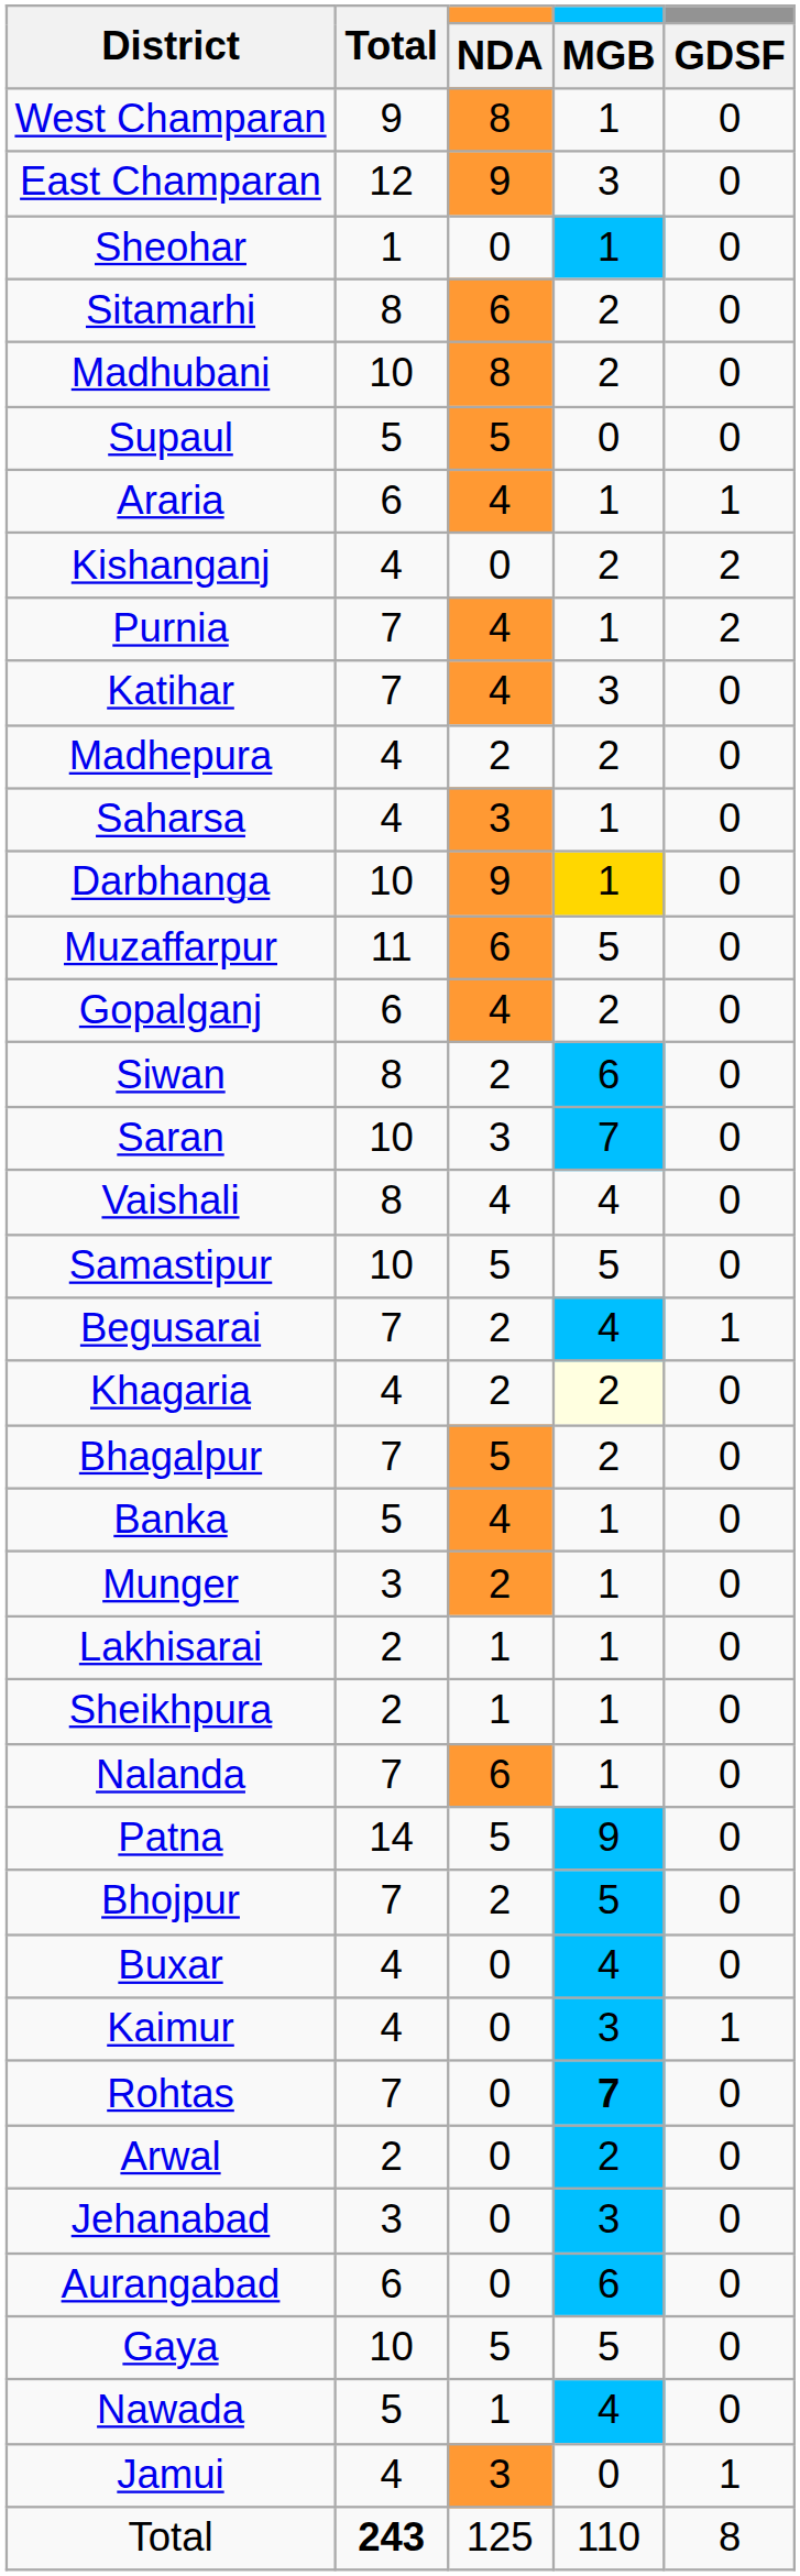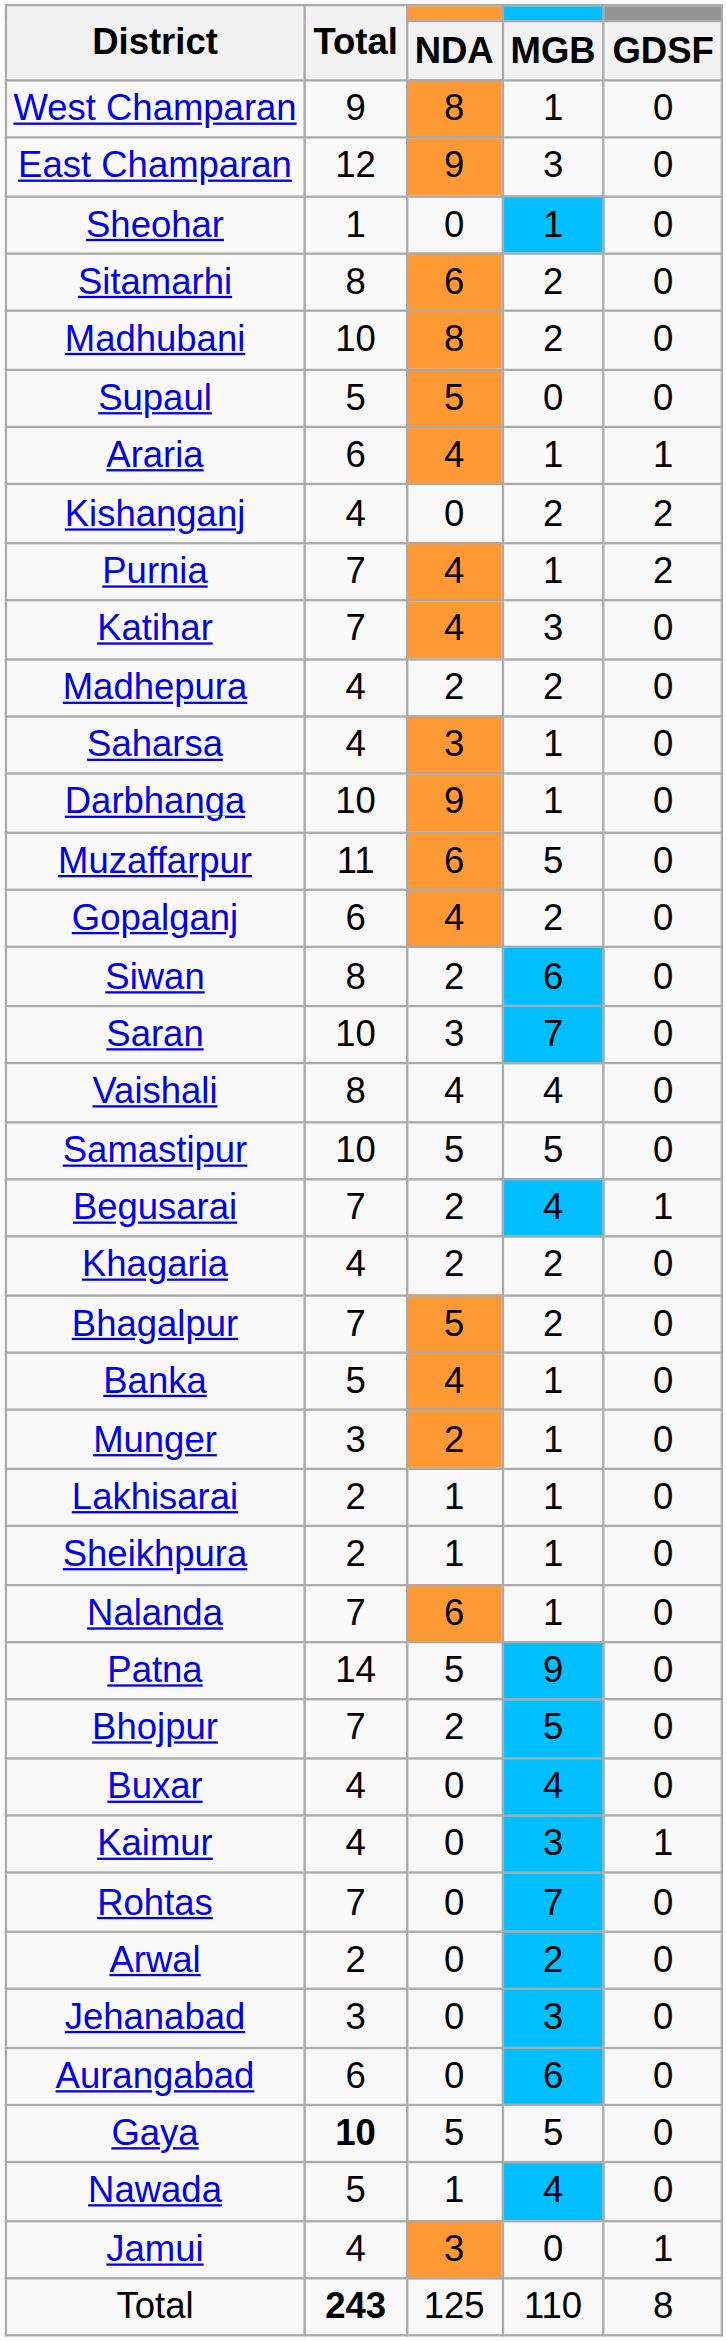 <table class="wikitable sortable" style="margin-left:.6em;text-align: center;">
 <tr>
 <th rowspan="2">District</th>
 <th rowspan="2">Total</th>
 <th style="background:#FF9933;"></th>
 <th style="background:#00BFFF;"></th>
 <th style="background:#939393;"></th>
 </tr>
 <tr>
 <th>NDA</th>
 <th>MGB</th>
 <th>GDSF</th>
 </tr>
 <tr>
 <td><a href='#'>West Champaran</a></td>
 <td>9</td>
 <td bgcolor=#FF9933>8</td>
 <td>1</td>
 <td>0</td>
 </tr>
 <tr>
 <td><a href='#'>East Champaran</a></td>
 <td>12</td>
 <td bgcolor=#FF9933>9</td>
 <td>3</td>
 <td>0</td>
 </tr>
 <tr>
 <td><a href='#'>Sheohar</a></td>
 <td>1</td>
 <td>0</td>
 <td bgcolor=#00BFFF>1</td>
 <td>0</td>
 </tr>
 <tr>
 <td><a href='#'>Sitamarhi</a></td>
 <td>8</td>
 <td bgcolor=#FF9933>6</td>
 <td>2</td>
 <td>0</td>
 </tr>
 <tr>
 <td><a href='#'>Madhubani</a></td>
 <td>10</td>
 <td bgcolor=#FF9933>8</td>
 <td>2</td>
 <td>0</td>
 </tr>
 <tr>
 <td><a href='#'>Supaul</a></td>
 <td>5</td>
 <td bgcolor=#FF9933>5</td>
 <td>0</td>
 <td>0</td>
 </tr>
 <tr>
 <td><a href='#'>Araria</a></td>
 <td>6</td>
 <td bgcolor=#FF9933>4</td>
 <td>1</td>
 <td>1</td>
 </tr>
 <tr>
 <td><a href='#'>Kishanganj</a></td>
 <td>4</td>
 <td>0</td>
 <td>2</td>
 <td>2</td>
 </tr>
 <tr>
 <td><a href='#'>Purnia</a></td>
 <td>7</td>
 <td bgcolor=#FF9933>4</td>
 <td>1</td>
 <td>2</td>
 </tr>
 <tr>
 <td><a href='#'>Katihar</a></td>
 <td>7</td>
 <td bgcolor=#FF9933>4</td>
 <td>3</td>
 <td>0</td>
 </tr>
 <tr>
 <td><a href='#'>Madhepura</a></td>
 <td>4</td>
 <td>2</td>
 <td>2</td>
 <td>0</td>
 </tr>
 <tr>
 <td><a href='#'>Saharsa</a></td>
 <td>4</td>
 <td bgcolor=#FF9933>3</td>
 <td>1</td>
 <td>0</td>
 </tr>
 <tr>
 <td><a href='#'>Darbhanga</a></td>
 <td>10</td>
 <td bgcolor=#FF9933>9</td>
-<td style="background: gold;">1</td>
+<td>1</td>
 <td>0</td>
 </tr>
 <tr>
 <td><a href='#'>Muzaffarpur</a></td>
 <td>11</td>
 <td bgcolor=#FF9933>6</td>
 <td>5</td>
 <td>0</td>
 </tr>
 <tr>
 <td><a href='#'>Gopalganj</a></td>
 <td>6</td>
 <td bgcolor=#FF9933>4</td>
 <td>2</td>
 <td>0</td>
 </tr>
 <tr>
 <td><a href='#'>Siwan</a></td>
 <td>8</td>
 <td>2</td>
 <td bgcolor=#00BFFF>6</td>
 <td>0</td>
 </tr>
 <tr>
 <td><a href='#'>Saran</a></td>
 <td>10</td>
 <td>3</td>
 <td bgcolor=#00BFFF>7</td>
 <td>0</td>
 </tr>
 <tr>
 <td><a href='#'>Vaishali</a></td>
 <td>8</td>
 <td>4</td>
 <td>4</td>
 <td>0</td>
 </tr>
 <tr>
 <td><a href='#'>Samastipur</a></td>
 <td>10</td>
 <td>5</td>
 <td>5</td>
 <td>0</td>
 </tr>
 <tr>
 <td><a href='#'>Begusarai</a></td>
 <td>7</td>
 <td>2</td>
 <td bgcolor=#00BFFF>4</td>
 <td>1</td>
 </tr>
 <tr>
 <td><a href='#'>Khagaria</a></td>
 <td>4</td>
 <td>2</td>
-<td style="background: lightyellow;">2</td>
+<td>2</td>
 <td>0</td>
 </tr>
 <tr>
 <td><a href='#'>Bhagalpur</a></td>
 <td>7</td>
 <td bgcolor=#FF9933>5</td>
 <td>2</td>
 <td>0</td>
 </tr>
 <tr>
 <td><a href='#'>Banka</a></td>
 <td>5</td>
 <td bgcolor=#FF9933>4</td>
 <td>1</td>
 <td>0</td>
 </tr>
 <tr>
 <td><a href='#'>Munger</a></td>
 <td>3</td>
 <td bgcolor=#FF9933>2</td>
 <td>1</td>
 <td>0</td>
 </tr>
 <tr>
 <td><a href='#'>Lakhisarai</a></td>
 <td>2</td>
 <td>1</td>
 <td>1</td>
 <td>0</td>
 </tr>
 <tr>
 <td><a href='#'>Sheikhpura</a></td>
 <td>2</td>
 <td>1</td>
 <td>1</td>
 <td>0</td>
 </tr>
 <tr>
 <td><a href='#'>Nalanda</a></td>
 <td>7</td>
 <td bgcolor=#FF9933>6</td>
 <td>1</td>
 <td>0</td>
 </tr>
 <tr>
 <td><a href='#'>Patna</a></td>
 <td>14</td>
 <td>5</td>
 <td bgcolor=#00BFFF>9</td>
 <td>0</td>
 </tr>
 <tr>
 <td><a href='#'>Bhojpur</a></td>
 <td>7</td>
 <td>2</td>
 <td bgcolor=#00BFFF>5</td>
 <td>0</td>
 </tr>
 <tr>
 <td><a href='#'>Buxar</a></td>
 <td>4</td>
 <td>0</td>
 <td bgcolor=#00BFFF>4</td>
 <td>0</td>
 </tr>
 <tr>
 <td><a href='#'>Kaimur</a></td>
 <td>4</td>
 <td>0</td>
 <td bgcolor=#00BFFF>3</td>
 <td>1</td>
 </tr>
 <tr>
 <td><a href='#'>Rohtas</a></td>
 <td>7</td>
 <td>0</td>
-<td bgcolor=#00BFFF><strong>7</strong></td>
+<td bgcolor=#00BFFF>7</td>
 <td>0</td>
 </tr>
 <tr>
 <td><a href='#'>Arwal</a></td>
 <td>2</td>
 <td>0</td>
 <td bgcolor=#00BFFF>2</td>
 <td>0</td>
 </tr>
 <tr>
 <td><a href='#'>Jehanabad</a></td>
 <td>3</td>
 <td>0</td>
 <td bgcolor=#00BFFF>3</td>
 <td>0</td>
 </tr>
 <tr>
 <td><a href='#'>Aurangabad</a></td>
 <td>6</td>
 <td>0</td>
 <td bgcolor=#00BFFF>6</td>
 <td>0</td>
 </tr>
 <tr>
 <td><a href='#'>Gaya</a></td>
-<td>10</td>
+<td><strong>10</strong></td>
 <td>5</td>
 <td>5</td>
 <td>0</td>
 </tr>
 <tr>
 <td><a href='#'>Nawada</a></td>
 <td>5</td>
 <td>1</td>
 <td bgcolor=#00BFFF>4</td>
 <td>0</td>
 </tr>
 <tr>
 <td><a href='#'>Jamui</a></td>
 <td>4</td>
 <td bgcolor=#FF9933>3</td>
 <td>0</td>
 <td>1</td>
 </tr>
 <tr>
 <td>Total</td>
 <td><strong>243</strong></td>
 <td>125</td>
 <td>110</td>
 <td>8</td>
 </tr>
 </table>
